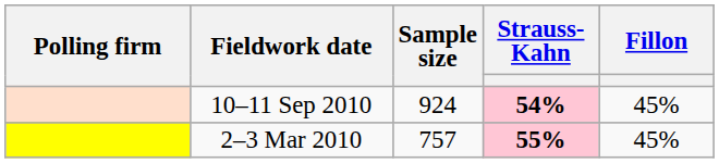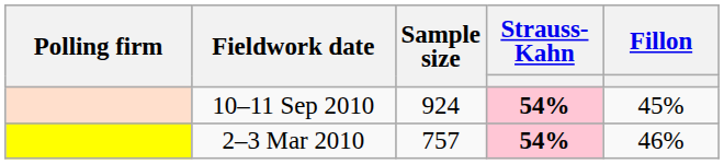 <table class="wikitable sortable" style="text-align:center;font-size:90%;line-height:14px;">
 <tr style="height:40px;">
 <th style="width:100px;" rowspan="2">Polling firm</th>
 <th style="width:110px;" rowspan="2">Fieldwork date</th>
 <th style="width:35px;" rowspan="2">Sample<br>size</th>
 <th class="unsortable" style="width:60px;"><a href='#'>Strauss-Kahn</a><br></th>
 <th class="unsortable" style="width:60px;"><a href='#'>Fillon</a><br></th>
 </tr>
 <tr>
 <th style="background:"></th>
 <th style="background:"></th>
 </tr>
 <tr>
 <td style="background:#FFDFCC;"> </td>
 <td data-sort-value="2010-09-11">10–11 Sep 2010</td>
 <td>924</td>
 <td style="background:#FFC6D5;"><strong>54%</strong></td>
 <td>45%</td>
 </tr>
 <tr>
 <td style="background:yellow;"></td>
 <td data-sort-value="2010-03-03">2–3 Mar 2010</td>
 <td>757</td>
-<td style="background:#FFC6D5;"><strong>55%</strong></td>
-<td>45%</td>
+<td style="background:#FFC6D5;"><strong>54%</strong></td>
+<td>46%</td>
 </tr>
 </table>
